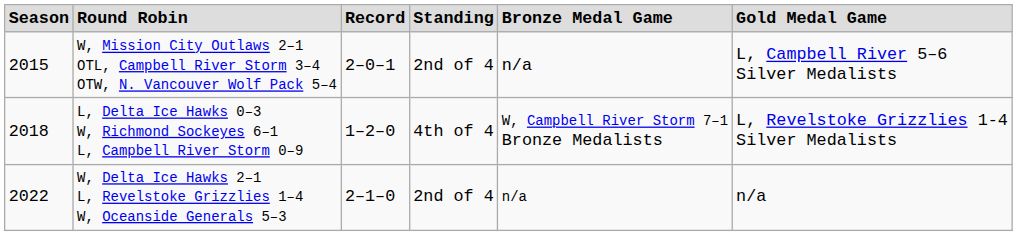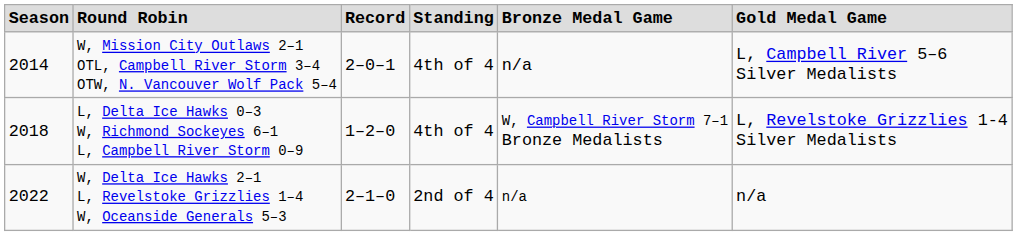 <table class="wikitable">
 <tr style="font-weight:bold; background-color:#dddddd;">
 <td>Season</td>
 <td>Round Robin</td>
 <td>Record</td>
 <td>Standing</td>
 <td>Bronze Medal Game</td>
 <td>Gold Medal Game</td>
 </tr>
 <tr>
-<td>2015</td>
+<td>2014</td>
 <td><small> W, <a href='#'>Mission City Outlaws</a> 2–1<br>OTL, <a href='#'>Campbell River Storm</a> 3–4<br>OTW, <a href='#'>N. Vancouver Wolf Pack</a> 5–4</small></td>
 <td>2–0–1</td>
-<td>2nd of 4</td>
+<td>4th of 4</td>
 <td>n/a</td>
 <td>L, <a href='#'>Campbell River</a> 5–6<br>Silver Medalists</td>
 </tr>
 <tr>
 <td>2018</td>
 <td><small> L, <a href='#'>Delta Ice Hawks</a> 0–3<br>W, <a href='#'>Richmond Sockeyes</a> 6–1<br>L, <a href='#'>Campbell River Storm</a> 0–9</small></td>
 <td>1–2–0</td>
 <td>4th of 4</td>
 <td><small>  W, <a href='#'>Campbell River Storm</a> 7–1</small><br> Bronze Medalists</td>
 <td>L, <a href='#'>Revelstoke Grizzlies</a> 1-4<br>Silver Medalists</td>
 </tr>
 <tr>
 <td>2022</td>
 <td><small> W, <a href='#'>Delta Ice Hawks</a> 2–1<br>L, <a href='#'>Revelstoke Grizzlies</a> 1–4<br>W, <a href='#'>Oceanside Generals</a> 5–3</small></td>
 <td>2–1–0</td>
 <td>2nd of 4</td>
 <td><small> n/a </small></td>
 <td>n/a</td>
 </tr>
 </table>
